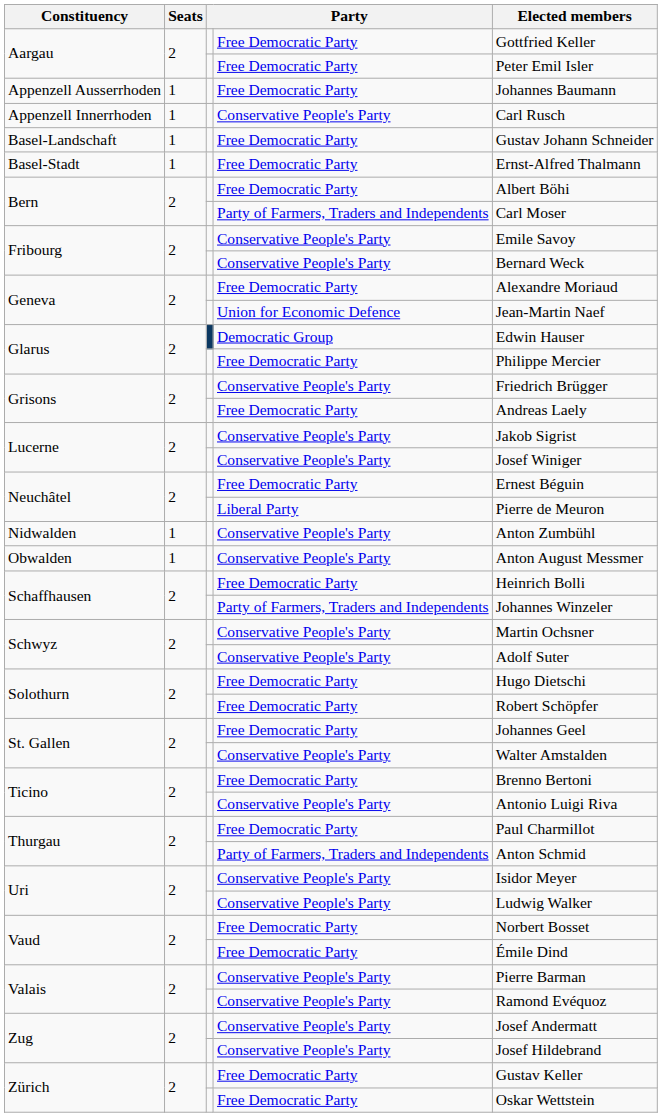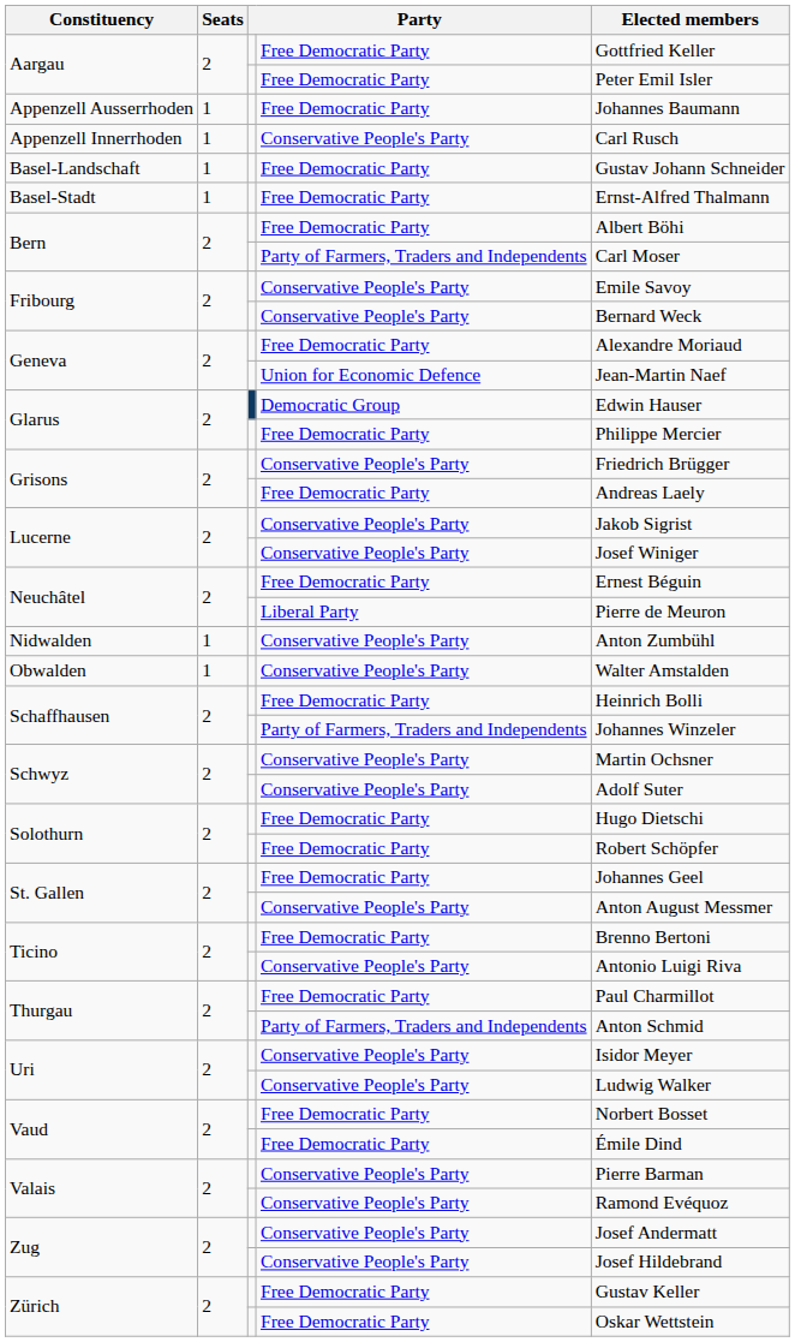 <table class="wikitable">
 <tr>
 <th>Constituency</th>
 <th>Seats</th>
 <th colspan="2">Party</th>
 <th>Elected members</th>
 </tr>
 <tr>
 <td rowspan="2">Aargau</td>
 <td rowspan="2">2</td>
 <td style="color:inherit;background:"></td>
 <td><a href='#'>Free Democratic Party</a></td>
 <td>Gottfried Keller</td>
 </tr>
 <tr>
 <td style="color:inherit;background:"></td>
 <td><a href='#'>Free Democratic Party</a></td>
 <td>Peter Emil Isler</td>
 </tr>
 <tr>
 <td>Appenzell Ausserrhoden</td>
 <td>1</td>
 <td style="color:inherit;background:"></td>
 <td><a href='#'>Free Democratic Party</a></td>
 <td>Johannes Baumann</td>
 </tr>
 <tr>
 <td>Appenzell Innerrhoden</td>
 <td>1</td>
 <td style="color:inherit;background:"></td>
 <td><a href='#'>Conservative People's Party</a></td>
 <td>Carl Rusch</td>
 </tr>
 <tr>
 <td>Basel-Landschaft</td>
 <td>1</td>
 <td style="color:inherit;background:"></td>
 <td><a href='#'>Free Democratic Party</a></td>
 <td>Gustav Johann Schneider</td>
 </tr>
 <tr>
 <td>Basel-Stadt</td>
 <td>1</td>
 <td style="color:inherit;background:"></td>
 <td><a href='#'>Free Democratic Party</a></td>
 <td>Ernst-Alfred Thalmann</td>
 </tr>
 <tr>
 <td rowspan="2">Bern</td>
 <td rowspan="2">2</td>
 <td style="color:inherit;background:"></td>
 <td><a href='#'>Free Democratic Party</a></td>
 <td>Albert Böhi</td>
 </tr>
 <tr>
 <td style="color:inherit;background:"></td>
 <td><a href='#'>Party of Farmers, Traders and Independents</a></td>
 <td>Carl Moser</td>
 </tr>
 <tr>
 <td rowspan="2">Fribourg</td>
 <td rowspan="2">2</td>
 <td style="color:inherit;background:"></td>
 <td><a href='#'>Conservative People's Party</a></td>
 <td>Emile Savoy</td>
 </tr>
 <tr>
 <td style="color:inherit;background:"></td>
 <td><a href='#'>Conservative People's Party</a></td>
 <td>Bernard Weck</td>
 </tr>
 <tr>
 <td rowspan="2">Geneva</td>
 <td rowspan="2">2</td>
 <td style="color:inherit;background:"></td>
 <td><a href='#'>Free Democratic Party</a></td>
 <td>Alexandre Moriaud</td>
 </tr>
 <tr>
 <td style="color:inherit;background:"></td>
 <td><a href='#'>Union for Economic Defence</a></td>
 <td>Jean-Martin Naef</td>
 </tr>
 <tr>
 <td rowspan="2">Glarus</td>
 <td rowspan="2">2</td>
 <td style="color:inherit;background:#0B3861"></td>
 <td><a href='#'>Democratic Group</a></td>
 <td>Edwin Hauser</td>
 </tr>
 <tr>
 <td style="color:inherit;background:"></td>
 <td><a href='#'>Free Democratic Party</a></td>
 <td>Philippe Mercier</td>
 </tr>
 <tr>
 <td rowspan="2">Grisons</td>
 <td rowspan="2">2</td>
 <td style="color:inherit;background:"></td>
 <td><a href='#'>Conservative People's Party</a></td>
 <td>Friedrich Brügger</td>
 </tr>
 <tr>
 <td style="color:inherit;background:"></td>
 <td><a href='#'>Free Democratic Party</a></td>
 <td>Andreas Laely</td>
 </tr>
 <tr>
 <td rowspan="2">Lucerne</td>
 <td rowspan="2">2</td>
 <td style="color:inherit;background:"></td>
 <td><a href='#'>Conservative People's Party</a></td>
 <td>Jakob Sigrist</td>
 </tr>
 <tr>
 <td style="color:inherit;background:"></td>
 <td><a href='#'>Conservative People's Party</a></td>
 <td>Josef Winiger</td>
 </tr>
 <tr>
 <td rowspan="2">Neuchâtel</td>
 <td rowspan="2">2</td>
 <td style="color:inherit;background:"></td>
 <td><a href='#'>Free Democratic Party</a></td>
 <td>Ernest Béguin</td>
 </tr>
 <tr>
 <td style="color:inherit;background:"></td>
 <td><a href='#'>Liberal Party</a></td>
 <td>Pierre de Meuron</td>
 </tr>
 <tr>
 <td>Nidwalden</td>
 <td>1</td>
 <td style="color:inherit;background:"></td>
 <td><a href='#'>Conservative People's Party</a></td>
 <td>Anton Zumbühl</td>
 </tr>
 <tr>
 <td>Obwalden</td>
 <td>1</td>
 <td style="color:inherit;background:"></td>
 <td><a href='#'>Conservative People's Party</a></td>
-<td>Anton August Messmer</td>
+<td>Walter Amstalden</td>
 </tr>
 <tr>
 <td rowspan="2">Schaffhausen</td>
 <td rowspan="2">2</td>
 <td style="color:inherit;background:"></td>
 <td><a href='#'>Free Democratic Party</a></td>
 <td>Heinrich Bolli</td>
 </tr>
 <tr>
 <td style="color:inherit;background:"></td>
 <td><a href='#'>Party of Farmers, Traders and Independents</a></td>
 <td>Johannes Winzeler</td>
 </tr>
 <tr>
 <td rowspan="2">Schwyz</td>
 <td rowspan="2">2</td>
 <td style="color:inherit;background:"></td>
 <td><a href='#'>Conservative People's Party</a></td>
 <td>Martin Ochsner</td>
 </tr>
 <tr>
 <td style="color:inherit;background:"></td>
 <td><a href='#'>Conservative People's Party</a></td>
 <td>Adolf Suter</td>
 </tr>
 <tr>
 <td rowspan="2">Solothurn</td>
 <td rowspan="2">2</td>
 <td style="color:inherit;background:"></td>
 <td><a href='#'>Free Democratic Party</a></td>
 <td>Hugo Dietschi</td>
 </tr>
 <tr>
 <td style="color:inherit;background:"></td>
 <td><a href='#'>Free Democratic Party</a></td>
 <td>Robert Schöpfer</td>
 </tr>
 <tr>
 <td rowspan="2">St. Gallen</td>
 <td rowspan="2">2</td>
 <td style="color:inherit;background:"></td>
 <td><a href='#'>Free Democratic Party</a></td>
 <td>Johannes Geel</td>
 </tr>
 <tr>
 <td style="color:inherit;background:"></td>
 <td><a href='#'>Conservative People's Party</a></td>
-<td>Walter Amstalden</td>
+<td>Anton August Messmer</td>
 </tr>
 <tr>
 <td rowspan="2">Ticino</td>
 <td rowspan="2">2</td>
 <td style="color:inherit;background:"></td>
 <td><a href='#'>Free Democratic Party</a></td>
 <td>Brenno Bertoni</td>
 </tr>
 <tr>
 <td style="color:inherit;background:"></td>
 <td><a href='#'>Conservative People's Party</a></td>
 <td>Antonio Luigi Riva</td>
 </tr>
 <tr>
 <td rowspan="2">Thurgau</td>
 <td rowspan="2">2</td>
 <td style="color:inherit;background:"></td>
 <td><a href='#'>Free Democratic Party</a></td>
 <td>Paul Charmillot</td>
 </tr>
 <tr>
 <td style="color:inherit;background:"></td>
 <td><a href='#'>Party of Farmers, Traders and Independents</a></td>
 <td>Anton Schmid</td>
 </tr>
 <tr>
 <td rowspan="2">Uri</td>
 <td rowspan="2">2</td>
 <td style="color:inherit;background:"></td>
 <td><a href='#'>Conservative People's Party</a></td>
 <td>Isidor Meyer</td>
 </tr>
 <tr>
 <td style="color:inherit;background:"></td>
 <td><a href='#'>Conservative People's Party</a></td>
 <td>Ludwig Walker</td>
 </tr>
 <tr>
 <td rowspan="2">Vaud</td>
 <td rowspan="2">2</td>
 <td style="color:inherit;background:"></td>
 <td><a href='#'>Free Democratic Party</a></td>
 <td>Norbert Bosset</td>
 </tr>
 <tr>
 <td style="color:inherit;background:"></td>
 <td><a href='#'>Free Democratic Party</a></td>
 <td>Émile Dind</td>
 </tr>
 <tr>
 <td rowspan="2">Valais</td>
 <td rowspan="2">2</td>
 <td style="color:inherit;background:"></td>
 <td><a href='#'>Conservative People's Party</a></td>
 <td>Pierre Barman</td>
 </tr>
 <tr>
 <td style="color:inherit;background:"></td>
 <td><a href='#'>Conservative People's Party</a></td>
 <td>Ramond Evéquoz</td>
 </tr>
 <tr>
 <td rowspan="2">Zug</td>
 <td rowspan="2">2</td>
 <td style="color:inherit;background:"></td>
 <td><a href='#'>Conservative People's Party</a></td>
 <td>Josef Andermatt</td>
 </tr>
 <tr>
 <td style="color:inherit;background:"></td>
 <td><a href='#'>Conservative People's Party</a></td>
 <td>Josef Hildebrand</td>
 </tr>
 <tr>
 <td rowspan="2">Zürich</td>
 <td rowspan="2">2</td>
 <td style="color:inherit;background:"></td>
 <td><a href='#'>Free Democratic Party</a></td>
 <td>Gustav Keller</td>
 </tr>
 <tr>
 <td style="color:inherit;background:"></td>
 <td><a href='#'>Free Democratic Party</a></td>
 <td>Oskar Wettstein</td>
 </tr>
 </table>
